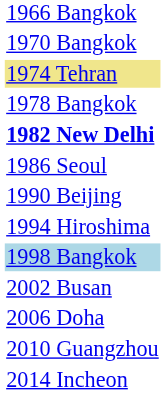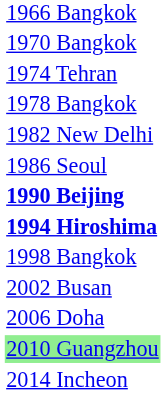 <table>
 <tr>
 <td><a href='#'>1966 Bangkok</a></td>
 <td></td>
 <td></td>
 <td></td>
 </tr>
 <tr>
 <td><a href='#'>1970 Bangkok</a></td>
 <td></td>
 <td></td>
 <td></td>
 </tr>
 <tr>
-<td style="background: khaki;"><a href='#'>1974 Tehran</a></td>
+<td><a href='#'>1974 Tehran</a></td>
 <td></td>
 <td></td>
 <td></td>
 </tr>
 <tr>
 <td><a href='#'>1978 Bangkok</a></td>
 <td></td>
 <td></td>
 <td></td>
 </tr>
 <tr>
-<td><strong><a href='#'>1982 New Delhi</a></strong></td>
+<td><a href='#'>1982 New Delhi</a></td>
 <td></td>
 <td></td>
 <td></td>
 </tr>
 <tr>
 <td><a href='#'>1986 Seoul</a></td>
 <td></td>
 <td></td>
 <td></td>
 </tr>
 <tr>
-<td><a href='#'>1990 Beijing</a></td>
+<td><strong><a href='#'>1990 Beijing</a></strong></td>
 <td></td>
 <td></td>
 <td></td>
 </tr>
 <tr>
-<td><a href='#'>1994 Hiroshima</a></td>
+<td><strong><a href='#'>1994 Hiroshima</a></strong></td>
 <td></td>
 <td></td>
 <td></td>
 </tr>
 <tr>
-<td style="background: lightblue;"><a href='#'>1998 Bangkok</a></td>
+<td><a href='#'>1998 Bangkok</a></td>
 <td></td>
 <td></td>
 <td></td>
 </tr>
 <tr>
 <td><a href='#'>2002 Busan</a></td>
 <td></td>
 <td></td>
 <td></td>
 </tr>
 <tr>
 <td><a href='#'>2006 Doha</a></td>
 <td></td>
 <td></td>
 <td></td>
 </tr>
 <tr>
-<td><a href='#'>2010 Guangzhou</a></td>
+<td style="background: lightgreen;"><a href='#'>2010 Guangzhou</a></td>
 <td></td>
 <td></td>
 <td></td>
 </tr>
 <tr>
 <td><a href='#'>2014 Incheon</a></td>
 <td></td>
 <td></td>
 <td></td>
 </tr>
 </table>
